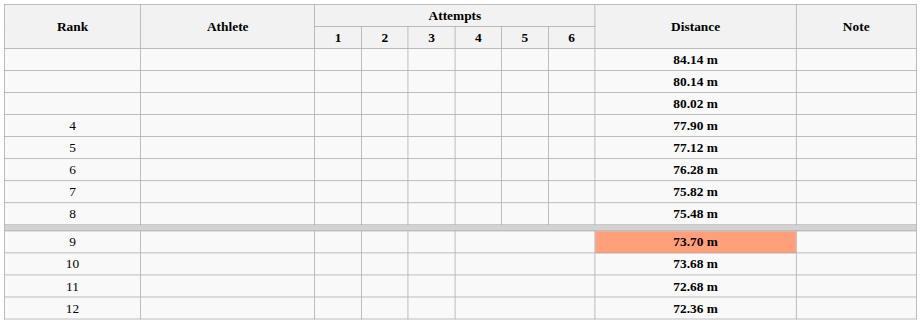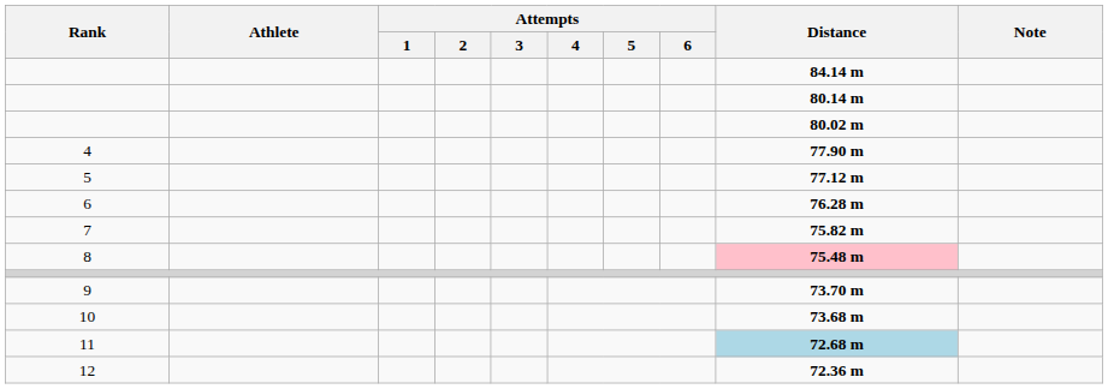 <table class="wikitable" style=" text-align:center; font-size:110%;" width="95%">
 <tr>
 <th rowspan="2">Rank</th>
 <th rowspan="2">Athlete</th>
 <th colspan="6">Attempts</th>
 <th rowspan="2">Distance</th>
 <th rowspan="2">Note</th>
 </tr>
 <tr>
 <th>1</th>
 <th>2</th>
 <th>3</th>
 <th>4</th>
 <th>5</th>
 <th>6</th>
 </tr>
 <tr>
 <td></td>
 <td align=left></td>
 <td></td>
 <td></td>
 <td></td>
 <td></td>
 <td></td>
 <td></td>
 <td><strong>84.14 m</strong></td>
 <td></td>
 </tr>
 <tr>
 <td></td>
 <td align=left></td>
 <td></td>
 <td></td>
 <td></td>
 <td></td>
 <td></td>
 <td></td>
 <td><strong>80.14 m</strong></td>
 <td></td>
 </tr>
 <tr>
 <td></td>
 <td align=left></td>
 <td></td>
 <td></td>
 <td></td>
 <td></td>
 <td></td>
 <td></td>
 <td><strong>80.02 m</strong></td>
 <td></td>
 </tr>
 <tr>
 <td>4</td>
 <td align=left></td>
 <td></td>
 <td></td>
 <td></td>
 <td></td>
 <td></td>
 <td></td>
 <td><strong>77.90 m</strong></td>
 <td></td>
 </tr>
 <tr>
 <td>5</td>
 <td align=left></td>
 <td></td>
 <td></td>
 <td></td>
 <td></td>
 <td></td>
 <td></td>
 <td><strong>77.12 m</strong></td>
 <td></td>
 </tr>
 <tr>
 <td>6</td>
 <td align=left></td>
 <td></td>
 <td></td>
 <td></td>
 <td></td>
 <td></td>
 <td></td>
 <td><strong>76.28 m</strong></td>
 <td></td>
 </tr>
 <tr>
 <td>7</td>
 <td align=left></td>
 <td></td>
 <td></td>
 <td></td>
 <td></td>
 <td></td>
 <td></td>
 <td><strong>75.82 m</strong></td>
 <td></td>
 </tr>
 <tr>
 <td>8</td>
 <td align=left></td>
 <td></td>
 <td></td>
 <td></td>
 <td></td>
 <td></td>
 <td></td>
-<td><strong>75.48 m</strong></td>
+<td style="background: pink;"><strong>75.48 m</strong></td>
 <td></td>
 </tr>
 <tr>
 <td colspan=10 bgcolor=lightgray></td>
 </tr>
 <tr>
 <td>9</td>
 <td align=left></td>
 <td></td>
 <td></td>
 <td></td>
 <td colspan=3></td>
-<td style="background: lightsalmon;"><strong>73.70 m</strong></td>
+<td><strong>73.70 m</strong></td>
 <td></td>
 </tr>
 <tr>
 <td>10</td>
 <td align=left></td>
 <td></td>
 <td></td>
 <td></td>
 <td colspan=3></td>
 <td><strong>73.68 m</strong></td>
 <td></td>
 </tr>
 <tr>
 <td>11</td>
 <td align=left></td>
 <td></td>
 <td></td>
 <td></td>
 <td colspan=3></td>
-<td><strong>72.68 m</strong></td>
+<td style="background: lightblue;"><strong>72.68 m</strong></td>
 <td></td>
 </tr>
 <tr>
 <td>12</td>
 <td align=left></td>
 <td></td>
 <td></td>
 <td></td>
 <td colspan=3></td>
 <td><strong>72.36 m</strong></td>
 <td></td>
 </tr>
 </table>
